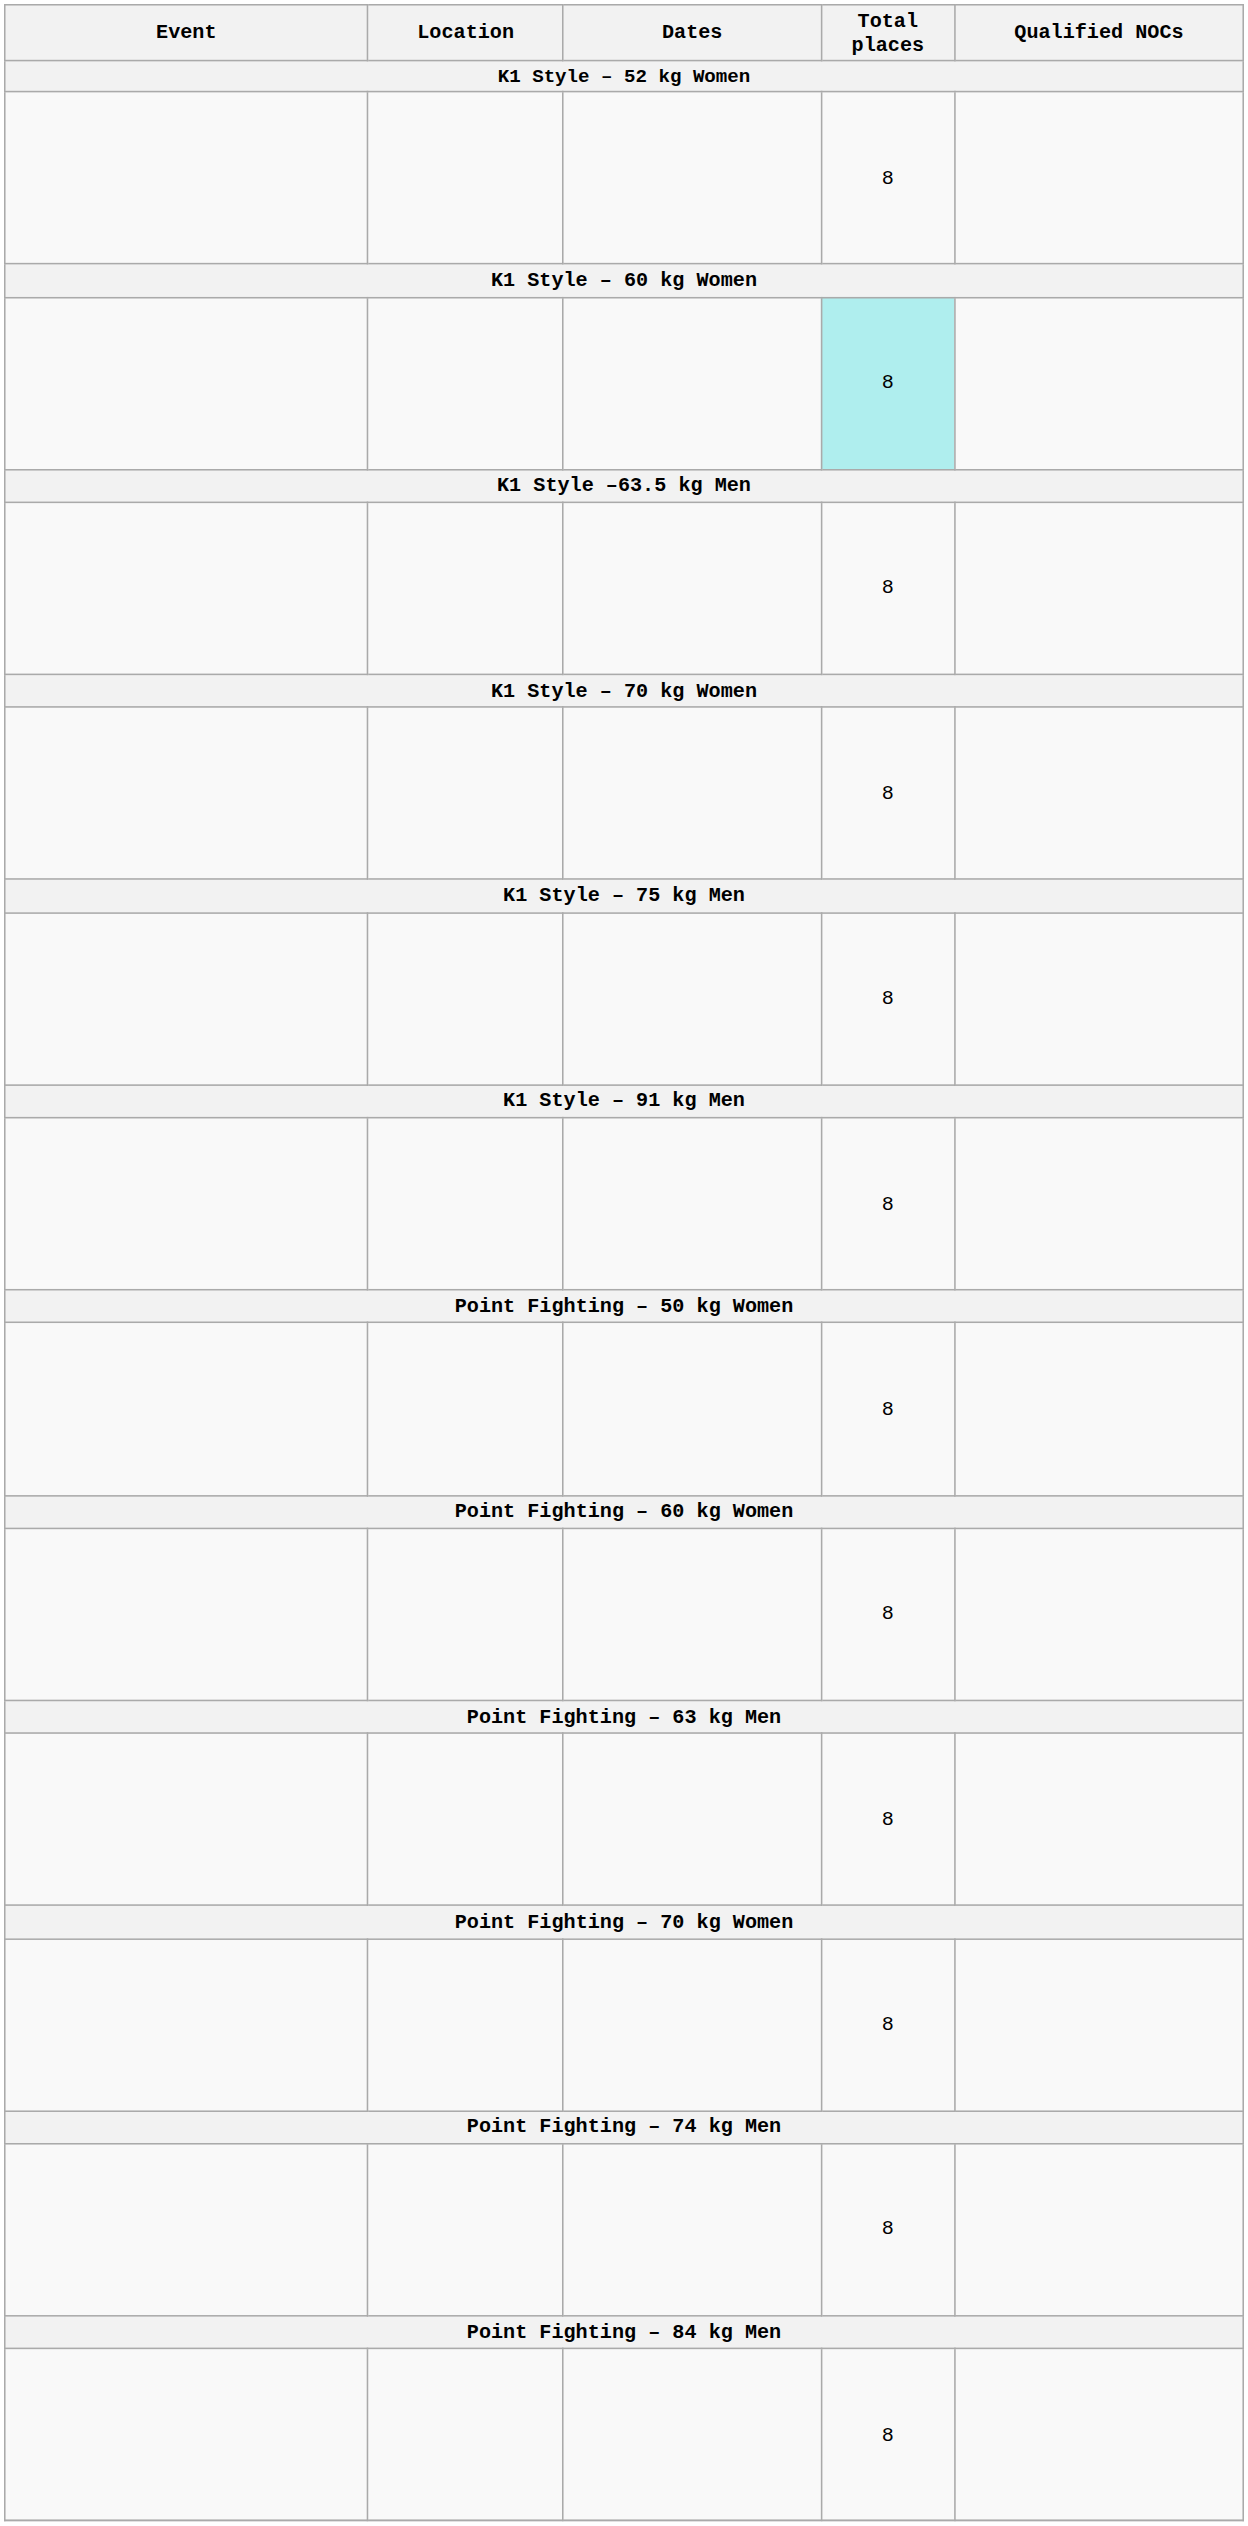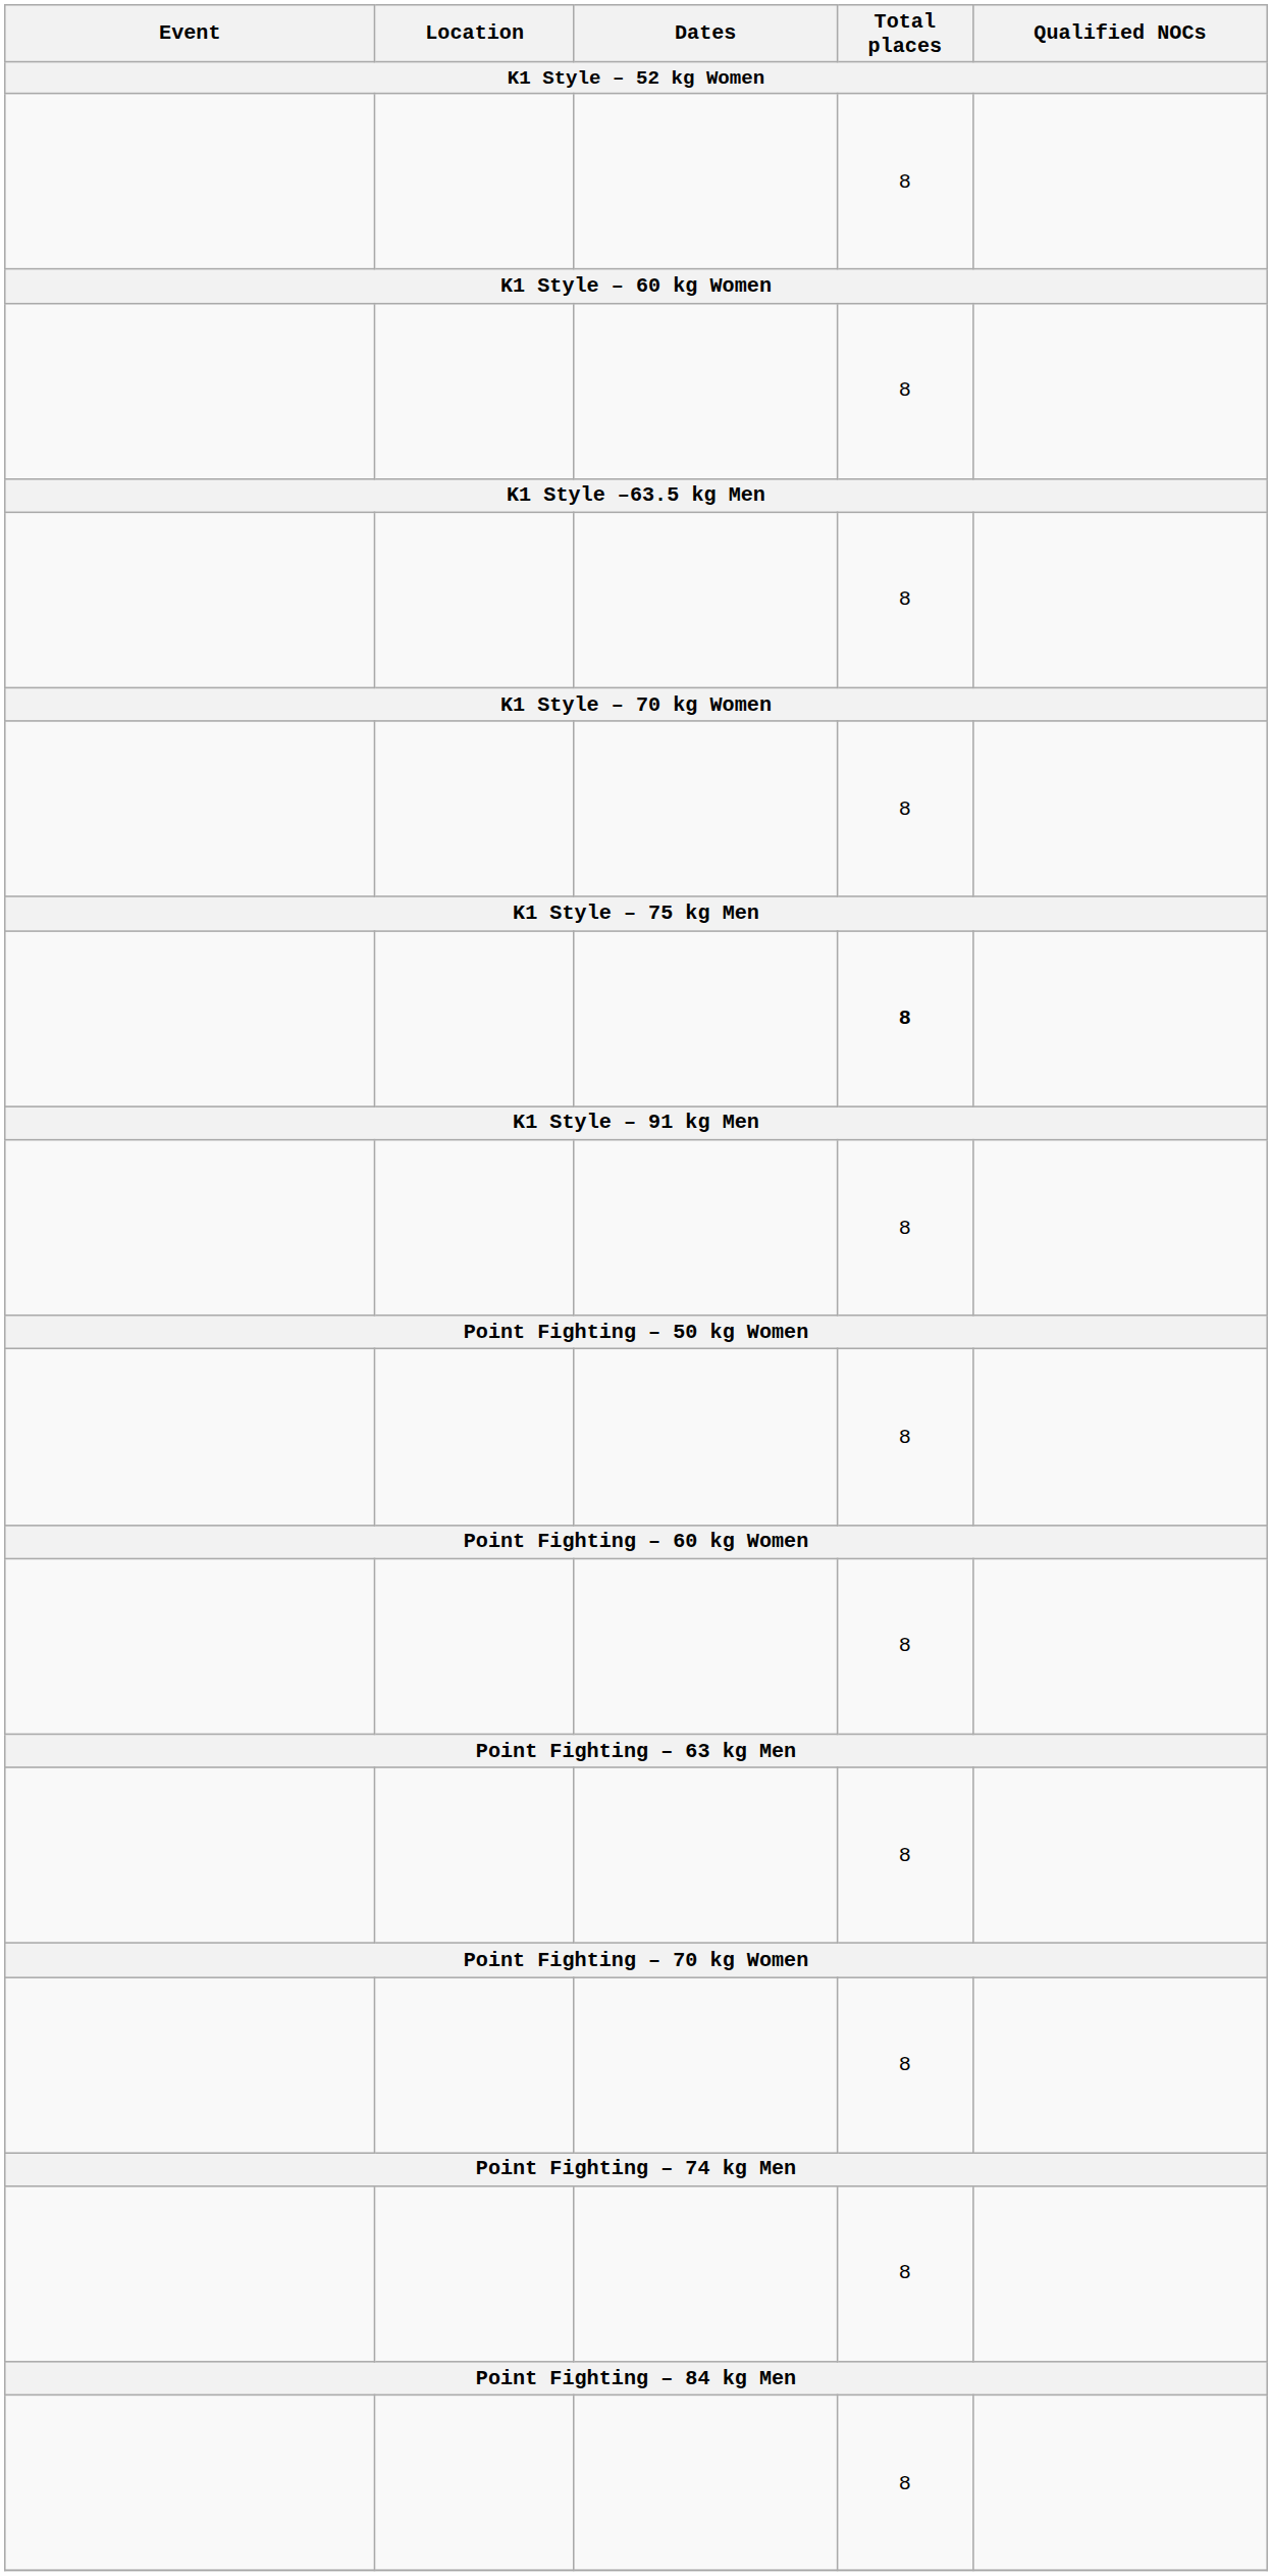 <table class="wikitable" width=800>
 <tr>
 <th>Event</th>
 <th width=120>Location</th>
 <th width=160>Dates</th>
 <th width=80>Total places</th>
 <th width=180>Qualified NOCs</th>
 </tr>
 <tr style="font-size:95%;">
 <th colspan=5>K1 Style – 52 kg Women</th>
 </tr>
 <tr>
 <td></td>
 <td></td>
 <td></td>
 <td align="center">8</td>
 <td><br><br><br><br><br><br><br></td>
 </tr>
 <tr>
 <th colspan=5>K1 Style – 60 kg Women</th>
 </tr>
 <tr>
 <td></td>
 <td></td>
 <td></td>
-<td align="center" style="background: paleturquoise;">8</td>
+<td align="center">8</td>
 <td><br><br><br><br><br><br><br></td>
 </tr>
 <tr>
 <th colspan=5>K1 Style –63.5 kg Men</th>
 </tr>
 <tr>
 <td></td>
 <td></td>
 <td></td>
 <td align="center">8</td>
 <td><br><br><br><br><br><br><br></td>
 </tr>
 <tr>
 <th colspan=5>K1 Style – 70 kg Women</th>
 </tr>
 <tr>
 <td></td>
 <td></td>
 <td></td>
 <td align="center">8</td>
 <td><br><br><br><br><br><br><br></td>
 </tr>
 <tr>
 <th colspan=5>K1 Style – 75 kg Men</th>
 </tr>
 <tr>
 <td></td>
 <td></td>
 <td></td>
-<td align="center">8</td>
+<td align="center"><strong>8</strong></td>
 <td><br><br><br><br><br><br><br></td>
 </tr>
 <tr>
 <th colspan=5>K1 Style – 91 kg Men</th>
 </tr>
 <tr>
 <td></td>
 <td></td>
 <td></td>
 <td align="center">8</td>
 <td><br><br><br><br><br><br><br></td>
 </tr>
 <tr>
 <th colspan=5>Point Fighting – 50 kg Women</th>
 </tr>
 <tr>
 <td></td>
 <td></td>
 <td></td>
 <td align="center">8</td>
 <td><br><br><br><br><br><br><br></td>
 </tr>
 <tr>
 <th colspan=5>Point Fighting – 60 kg Women</th>
 </tr>
 <tr>
 <td></td>
 <td></td>
 <td></td>
 <td align="center">8</td>
 <td><br><br><br><br><br><br><br></td>
 </tr>
 <tr>
 <th colspan=5>Point Fighting – 63 kg Men</th>
 </tr>
 <tr>
 <td></td>
 <td></td>
 <td></td>
 <td align="center">8</td>
 <td><br><br><br><br><br><br><br></td>
 </tr>
 <tr>
 <th colspan=5>Point Fighting – 70 kg Women</th>
 </tr>
 <tr>
 <td></td>
 <td></td>
 <td></td>
 <td align="center">8</td>
 <td><br><br><br><br><br><br><br></td>
 </tr>
 <tr>
 <th colspan=5>Point Fighting – 74 kg Men</th>
 </tr>
 <tr>
 <td></td>
 <td></td>
 <td></td>
 <td align="center">8</td>
 <td><br><br><br><br><br><br><br></td>
 </tr>
 <tr>
 <th colspan=5>Point Fighting – 84 kg Men</th>
 </tr>
 <tr>
 <td></td>
 <td></td>
 <td></td>
 <td align="center">8</td>
 <td><br><br><br><br><br><br><br></td>
 </tr>
 <tr>
 </tr>
 </table>
